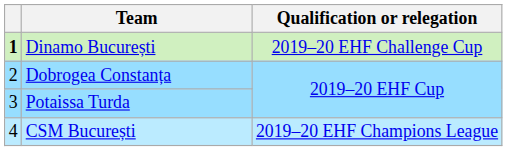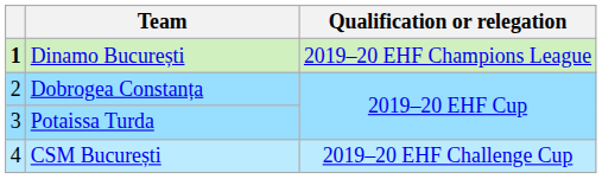 <table class="wikitable sortable" style="text-align:center">
 <tr>
 <th></th>
 <th width="200">Team</th>
 <th>Qualification or relegation</th>
 </tr>
 <tr style="background: #D0F0C0;">
 <td><strong>1</strong></td>
 <td align=left><a href='#'>Dinamo București</a></td>
-<td rowspan=1><a href='#'>2019–20 EHF Challenge Cup</a></td>
+<td><a href='#'>2019–20 EHF Champions League</a></td>
 </tr>
 <tr style="background: #97DEFF;">
 <td>2</td>
 <td align=left><a href='#'>Dobrogea Constanța</a></td>
 <td rowspan=2><a href='#'>2019–20 EHF Cup</a></td>
 </tr>
 <tr style="background: #97DEFF;">
 <td>3</td>
 <td align=left><a href='#'>Potaissa Turda</a></td>
 </tr>
 <tr style="background: #BBEBFF;">
 <td>4</td>
 <td align=left><a href='#'>CSM București</a></td>
-<td><a href='#'>2019–20 EHF Champions League</a></td>
+<td rowspan=1><a href='#'>2019–20 EHF Challenge Cup</a></td>
 </tr>
 </table>
